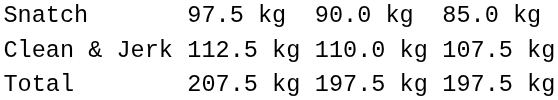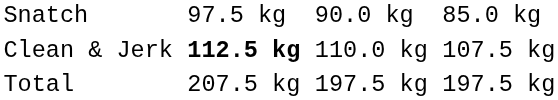 <table>
 <tr>
 <td>Snatch</td>
 <td></td>
 <td>97.5 kg</td>
 <td></td>
 <td>90.0 kg</td>
 <td></td>
 <td>85.0 kg</td>
 </tr>
 <tr>
 <td>Clean & Jerk</td>
 <td></td>
-<td>112.5 kg</td>
+<td><strong>112.5 kg</strong></td>
 <td></td>
 <td>110.0 kg</td>
 <td></td>
 <td>107.5 kg</td>
 </tr>
 <tr>
 <td>Total</td>
 <td></td>
 <td>207.5 kg</td>
 <td></td>
 <td>197.5 kg</td>
 <td></td>
 <td>197.5 kg</td>
 </tr>
 </table>
